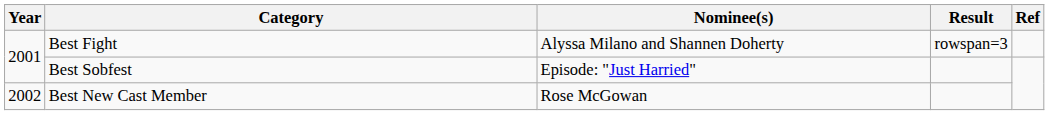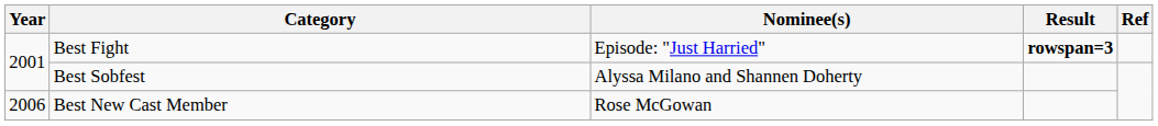 <table class="wikitable">
 <tr>
 <th>Year</th>
 <th width=470>Category</th>
 <th width=375>Nominee(s)</th>
 <th width=65>Result</th>
 <th>Ref</th>
 </tr>
 <tr>
 <td rowspan=2>2001</td>
 <td>Best Fight</td>
-<td>Alyssa Milano and Shannen Doherty</td>
-<td>rowspan=3 </td>
+<td>Episode: "<a href='#'>Just Harried</a>"</td>
+<td><strong>rowspan=3 </strong></td>
 <td></td>
 </tr>
 <tr>
 <td>Best Sobfest</td>
-<td>Episode: "<a href='#'>Just Harried</a>"</td>
+<td>Alyssa Milano and Shannen Doherty</td>
 <td></td>
 </tr>
 <tr>
-<td>2002</td>
+<td>2006</td>
 <td>Best New Cast Member</td>
 <td>Rose McGowan</td>
 <td></td>
 </tr>
 </table>
